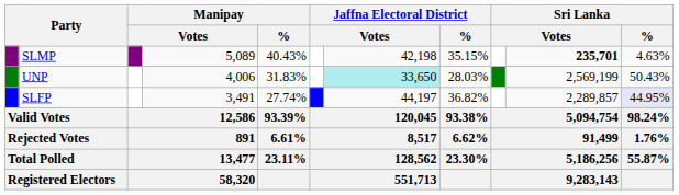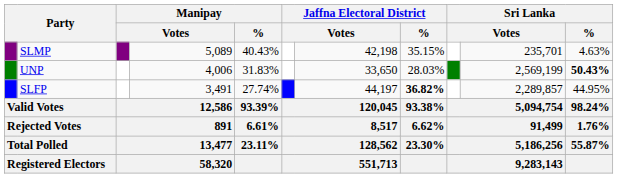 <table class="wikitable">
 <tr>
 <th colspan="2" width="144px"rowspan="2">Party</th>
 <th colspan="3" width="216px">Manipay</th>
 <th colspan="3" width="216px"><a href='#'>Jaffna Electoral District</a></th>
 <th colspan="3" width="216px">Sri Lanka</th>
 </tr>
 <tr>
 <th colspan="2" width="144px">Votes</th>
 <th>%</th>
 <th colspan="2" width="144px">Votes</th>
 <th>%</th>
 <th colspan="2" width="144px">Votes</th>
 <th>%</th>
 </tr>
 <tr>
 <td style="background-color:purple;" width="10px"></td>
 <td style="text-align:left;"><a href='#'>SLMP</a></td>
 <td style="background-color:purple;" width="10px"></td>
 <td style="text-align:right;">5,089</td>
 <td style="text-align:right;">40.43%</td>
 <td style="background-color:white;" width="10px"></td>
 <td style="text-align:right;">42,198</td>
 <td style="text-align:right;">35.15%</td>
 <td style="background-color:white;" width="10px"></td>
-<td style="text-align:right;"><strong>235,701</strong></td>
+<td style="text-align:right;">235,701</td>
 <td style="text-align:right;">4.63%</td>
 </tr>
 <tr>
 <td style="background-color:green;" width="10px"></td>
 <td style="text-align:left;"><a href='#'>UNP</a></td>
 <td style="background-color:white;" width="10px"></td>
 <td style="text-align:right;">4,006</td>
 <td style="text-align:right;">31.83%</td>
 <td style="background-color:white;" width="10px"></td>
-<td style="background: paleturquoise; text-align:right;">33,650</td>
+<td style="text-align:right;">33,650</td>
 <td style="text-align:right;">28.03%</td>
 <td style="background-color:green;" width="10px"></td>
 <td style="text-align:right;">2,569,199</td>
-<td style="text-align:right;">50.43%</td>
+<td style="text-align:right;"><strong>50.43%</strong></td>
 </tr>
 <tr>
 <td style="background-color:blue;" width="10px"></td>
 <td style="text-align:left;"><a href='#'>SLFP</a></td>
 <td style="background-color:white;" width="10px"></td>
 <td style="text-align:right;">3,491</td>
 <td style="text-align:right;">27.74%</td>
 <td style="background-color:blue;" width="10px"></td>
 <td style="text-align:right;">44,197</td>
-<td style="text-align:right;">36.82%</td>
+<td style="text-align:right;"><strong>36.82%</strong></td>
 <td style="background-color:white;" width="10px"></td>
 <td style="text-align:right;">2,289,857</td>
-<td style="background: lavender; text-align:right;">44.95%</td>
+<td style="text-align:right;">44.95%</td>
 </tr>
 <tr>
 <th colspan="2" width="144px"style="text-align:left;">Valid Votes</th>
 <th style="text-align:right;"colspan="2" width="144px">12,586</th>
 <th style="text-align:right;">93.39%</th>
 <th style="text-align:right;"colspan="2" width="144px">120,045</th>
 <th style="text-align:right;">93.38%</th>
 <th style="text-align:right;"colspan="2" width="144px">5,094,754</th>
 <th style="text-align:right;">98.24%</th>
 </tr>
 <tr>
 <th colspan="2" width="144px"style="text-align:left;">Rejected Votes</th>
 <th style="text-align:right;"colspan="2" width="144px">891</th>
 <th style="text-align:right;">6.61%</th>
 <th style="text-align:right;"colspan="2" width="144px">8,517</th>
 <th style="text-align:right;">6.62%</th>
 <th style="text-align:right;"colspan="2" width="144px">91,499</th>
 <th style="text-align:right;">1.76%</th>
 </tr>
 <tr>
 <th colspan="2" width="144px"style="text-align:left;">Total Polled</th>
 <th style="text-align:right;"colspan="2" width="144px">13,477</th>
 <th style="text-align:right;">23.11%</th>
 <th style="text-align:right;"colspan="2" width="144px">128,562</th>
 <th style="text-align:right;">23.30%</th>
 <th style="text-align:right;"colspan="2" width="144px">5,186,256</th>
 <th style="text-align:right;">55.87%</th>
 </tr>
 <tr>
 <th colspan="2" width="144px"style="text-align:left;">Registered Electors</th>
 <th style="text-align:right;"colspan="2" width="144px">58,320</th>
 <th></th>
 <th style="text-align:right;"colspan="2" width="144px">551,713</th>
 <th></th>
 <th style="text-align:right;"colspan="2" width="144px">9,283,143</th>
 <th></th>
 </tr>
 </table>
